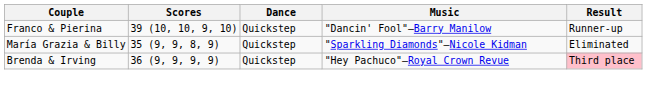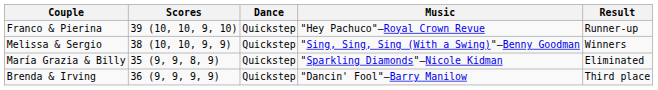 <table class="wikitable sortable" style="width:95%; white-space:nowrap;">
 <tr>
 <th style="width:15%;">Couple</th>
 <th style="width:14%;">Scores</th>
 <th style="width:14%;">Dance</th>
 <th style="width:40%;">Music</th>
 <th style="width:12%;">Result</th>
 </tr>
 <tr>
 <td>Franco & Pierina</td>
 <td>39 (10, 10, 9, 10)</td>
 <td>Quickstep</td>
-<td>"Dancin' Fool"—<a href='#'>Barry Manilow</a></td>
+<td>"Hey Pachuco"—<a href='#'>Royal Crown Revue</a></td>
 <td>Runner-up</td>
+</tr>
+<tr>
+<td>Melissa & Sergio</td>
+<td>38 (10, 10, 9, 9)</td>
+<td>Quickstep</td>
+<td>"<a href='#'>Sing, Sing, Sing (With a Swing)</a>"—<a href='#'>Benny Goodman</a></td>
+<td>Winners</td>
 </tr>
 <tr>
 <td>María Grazia & Billy</td>
 <td>35 (9, 9, 8, 9)</td>
 <td>Quickstep</td>
 <td>"<a href='#'>Sparkling Diamonds</a>"—<a href='#'>Nicole Kidman</a></td>
 <td>Eliminated</td>
 </tr>
 <tr>
 <td>Brenda & Irving</td>
 <td>36 (9, 9, 9, 9)</td>
 <td>Quickstep</td>
-<td>"Hey Pachuco"—<a href='#'>Royal Crown Revue</a></td>
-<td style="background: pink;">Third place</td>
+<td>"Dancin' Fool"—<a href='#'>Barry Manilow</a></td>
+<td>Third place</td>
 </tr>
 </table>
